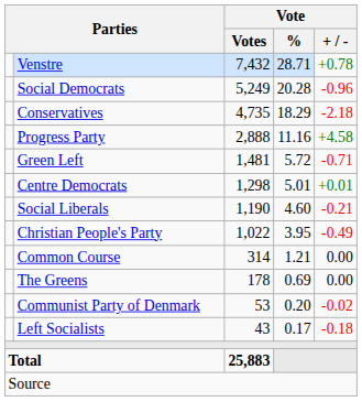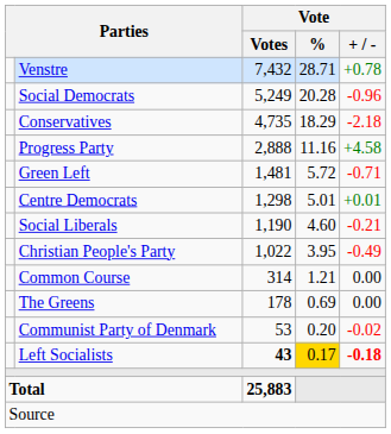 <table class="wikitable" style="text-align:right;">
 <tr>
 <th style="text-align:centre;" rowspan="2" colspan="2" width="225">Parties</th>
 <th colspan="3">Vote</th>
 </tr>
 <tr>
 <th width="15">Votes</th>
 <th width="15">%</th>
 <th width="15">+ / -</th>
 </tr>
 <tr>
 <td width="2" style="color:inherit;background:"></td>
 <td bgcolor=#cfe5fe  align="left"><a href='#'>Venstre</a></td>
 <td bgcolor=#cfe5fe>7,432</td>
 <td bgcolor=#cfe5fe>28.71</td>
 <td style=color:green;>+0.78</td>
 </tr>
 <tr>
 <td width="2" style="color:inherit;background:"></td>
 <td align="left"><a href='#'>Social Democrats</a></td>
 <td>5,249</td>
 <td>20.28</td>
 <td style=color:red;>-0.96</td>
 </tr>
 <tr>
 <td width="2" style="color:inherit;background:"></td>
 <td align="left"><a href='#'>Conservatives</a></td>
 <td>4,735</td>
 <td>18.29</td>
 <td style=color:red;>-2.18</td>
 </tr>
 <tr>
 <td width="2" style="color:inherit;background:"></td>
 <td align="left"><a href='#'>Progress Party</a></td>
 <td>2,888</td>
 <td>11.16</td>
 <td style=color:green;>+4.58</td>
 </tr>
 <tr>
 <td width="2" style="color:inherit;background:"></td>
 <td align="left"><a href='#'>Green Left</a></td>
 <td>1,481</td>
 <td>5.72</td>
 <td style=color:red;>-0.71</td>
 </tr>
 <tr>
 <td width="2" style="color:inherit;background:"></td>
 <td align="left"><a href='#'>Centre Democrats</a></td>
 <td>1,298</td>
 <td>5.01</td>
 <td style=color:green;>+0.01</td>
 </tr>
 <tr>
 <td width="2" style="color:inherit;background:"></td>
 <td align="left"><a href='#'>Social Liberals</a></td>
 <td>1,190</td>
 <td>4.60</td>
 <td style=color:red;>-0.21</td>
 </tr>
 <tr>
 <td width="2" style="color:inherit;background:"></td>
 <td align="left"><a href='#'>Christian People's Party</a></td>
 <td>1,022</td>
 <td>3.95</td>
 <td style=color:red;>-0.49</td>
 </tr>
 <tr>
 <td width="2" style="color:inherit;background:"></td>
 <td align="left"><a href='#'>Common Course</a></td>
 <td>314</td>
 <td>1.21</td>
 <td>0.00</td>
 </tr>
 <tr>
 <td width="2" style="color:inherit;background:"></td>
 <td align="left"><a href='#'>The Greens</a></td>
 <td>178</td>
 <td>0.69</td>
 <td>0.00</td>
 </tr>
 <tr>
 <td width="2" style="color:inherit;background:"></td>
 <td align="left"><a href='#'>Communist Party of Denmark</a></td>
 <td>53</td>
 <td>0.20</td>
 <td style=color:red;>-0.02</td>
 </tr>
 <tr>
 <td width="2" style="color:inherit;background:"></td>
 <td align="left"><a href='#'>Left Socialists</a></td>
-<td>43</td>
-<td>0.17</td>
-<td style=color:red;>-0.18</td>
+<td><strong>43</strong></td>
+<td style="background: gold;">0.17</td>
+<td style=color:red;><strong>-0.18</strong></td>
 </tr>
 <tr>
 <td colspan="7" bgcolor="#E9E9E9"></td>
 </tr>
 <tr>
 <td align="left" colspan="2"><strong>Total</strong></td>
 <td><strong>25,883</strong></td>
 <td bgcolor="#E9E9E9" colspan="2"></td>
 </tr>
 <tr>
 <td align="left" colspan="6">Source</td>
 </tr>
 </table>
